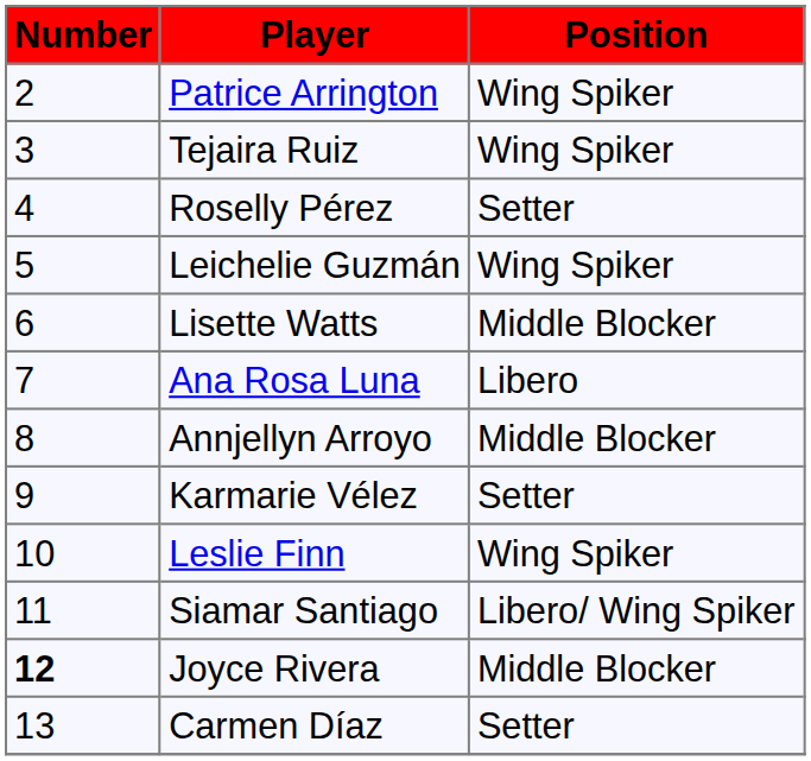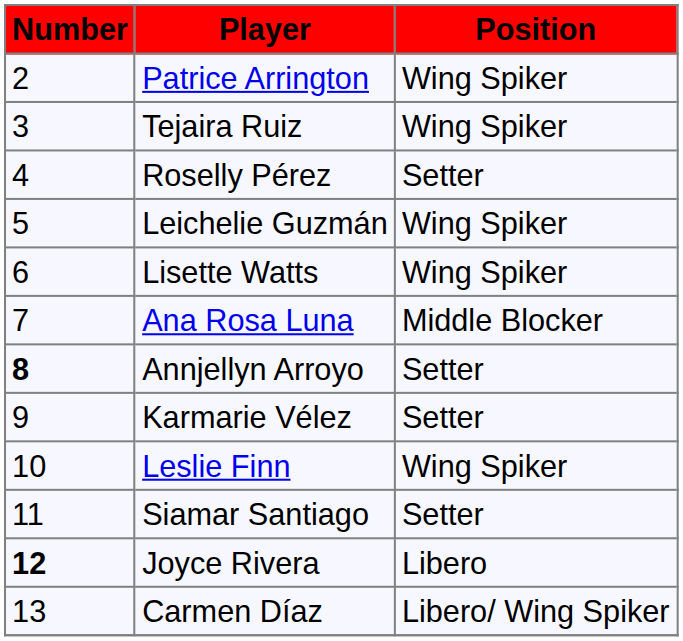 <table bgcolor="#f7f8ff" cellpadding="3" cellspacing="0" border="1" style="font-size: 95%; border: gray solid 1px; border-collapse: collapse;">
 <tr bgcolor="#ff0000">
 <td align=center><strong>Number</strong></td>
 <td align=center><strong>Player</strong></td>
 <td align=center><strong>Position</strong></td>
 </tr>
 <tr align="left">
 <td>2</td>
 <td> <a href='#'>Patrice Arrington</a></td>
 <td>Wing Spiker</td>
 </tr>
 <tr align="left">
 <td>3</td>
 <td> Tejaira Ruiz</td>
 <td>Wing Spiker</td>
 </tr>
 <tr align="left">
 <td>4</td>
 <td> Roselly Pérez</td>
 <td>Setter</td>
 </tr>
 <tr align="left">
 <td>5</td>
 <td> Leichelie Guzmán</td>
 <td>Wing Spiker</td>
 </tr>
 <tr align="left">
 <td>6</td>
 <td> Lisette Watts</td>
-<td>Middle Blocker</td>
+<td>Wing Spiker</td>
 </tr>
 <tr align="left">
 <td>7</td>
 <td> <a href='#'>Ana Rosa Luna</a></td>
-<td>Libero</td>
+<td>Middle Blocker</td>
 </tr>
 <tr align="left">
-<td>8</td>
+<td><strong>8</strong></td>
 <td> Annjellyn Arroyo</td>
-<td>Middle Blocker</td>
+<td>Setter</td>
 </tr>
 <tr align="left">
 <td>9</td>
 <td> Karmarie Vélez</td>
 <td>Setter</td>
 </tr>
 <tr align="left">
 <td>10</td>
 <td> <a href='#'>Leslie Finn</a></td>
 <td>Wing Spiker</td>
 </tr>
 <tr align="left">
 <td>11</td>
 <td> Siamar Santiago</td>
-<td>Libero/ Wing Spiker</td>
+<td>Setter</td>
 </tr>
 <tr align="left">
 <td><strong>12</strong></td>
 <td> Joyce Rivera</td>
-<td>Middle Blocker</td>
+<td>Libero</td>
 </tr>
 <tr align="left">
 <td>13</td>
 <td> Carmen Díaz</td>
-<td>Setter</td>
+<td>Libero/ Wing Spiker</td>
 </tr>
 <tr align="left">
 </tr>
 </table>
